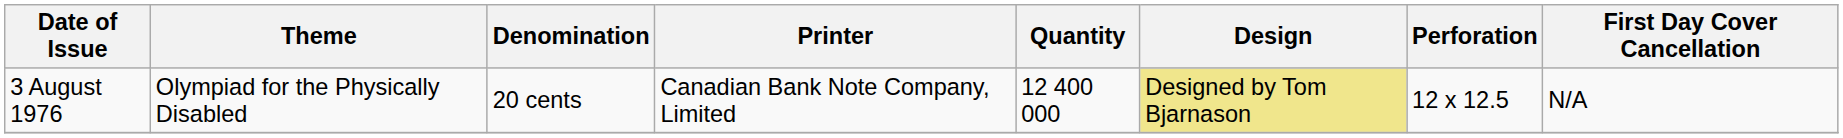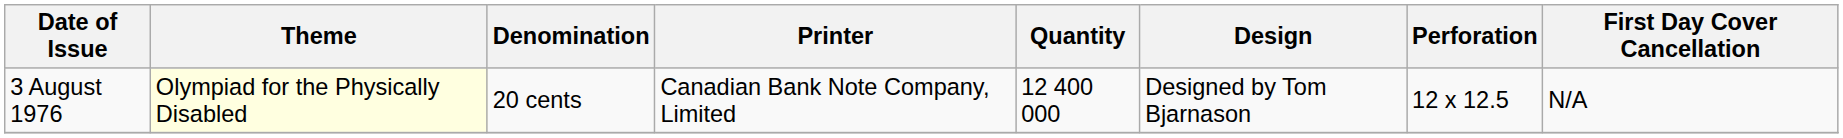 <table class="wikitable sortable">
 <tr>
 <th>Date of Issue</th>
 <th>Theme</th>
 <th>Denomination</th>
 <th>Printer</th>
 <th>Quantity</th>
 <th>Design</th>
 <th>Perforation</th>
 <th>First Day Cover Cancellation</th>
 </tr>
 <tr>
 <td>3 August 1976</td>
-<td>Olympiad for the Physically Disabled</td>
+<td style="background: lightyellow;">Olympiad for the Physically Disabled</td>
 <td>20 cents</td>
 <td>Canadian Bank Note Company, Limited</td>
 <td>12 400 000</td>
-<td style="background: khaki;">Designed by Tom Bjarnason</td>
+<td>Designed by Tom Bjarnason</td>
 <td>12 x 12.5</td>
 <td>N/A</td>
 </tr>
 <tr>
 </tr>
 </table>
